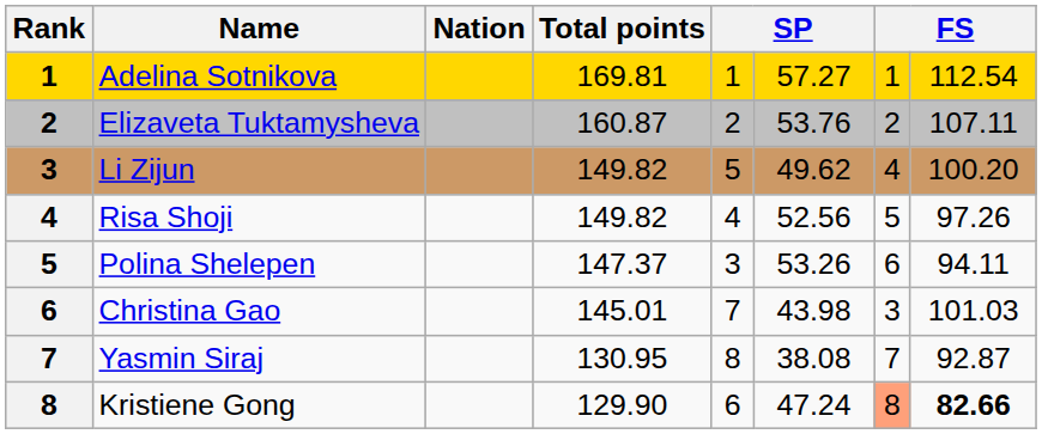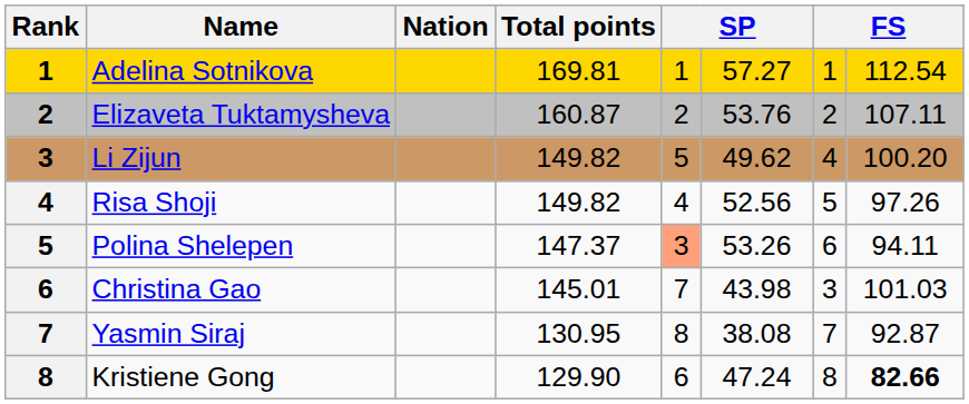 <table class="wikitable sortable">
 <tr>
 <th>Rank</th>
 <th>Name</th>
 <th>Nation</th>
 <th>Total points</th>
 <th colspan="2" width="80px"><a href='#'>SP</a></th>
 <th colspan="2" width="80px"><a href='#'>FS</a></th>
 </tr>
 <tr bgcolor="gold">
 <td align="center"><strong>1</strong></td>
 <td><a href='#'>Adelina Sotnikova</a></td>
 <td></td>
 <td align="center">169.81</td>
 <td align="center">1</td>
 <td align="center">57.27</td>
 <td align="center">1</td>
 <td align="center">112.54</td>
 </tr>
 <tr bgcolor="silver">
 <td align="center"><strong>2</strong></td>
 <td><a href='#'>Elizaveta Tuktamysheva</a></td>
 <td></td>
 <td align="center">160.87</td>
 <td align="center">2</td>
 <td align="center">53.76</td>
 <td align="center">2</td>
 <td align="center">107.11</td>
 </tr>
 <tr bgcolor="cc9966">
 <td align="center"><strong>3</strong></td>
 <td><a href='#'>Li Zijun</a></td>
 <td></td>
 <td align="center">149.82</td>
 <td align="center">5</td>
 <td align="center">49.62</td>
 <td align="center">4</td>
 <td align="center">100.20</td>
 </tr>
 <tr>
 <th>4</th>
 <td><a href='#'>Risa Shoji</a></td>
 <td></td>
 <td align="center">149.82</td>
 <td align="center">4</td>
 <td align="center">52.56</td>
 <td align="center">5</td>
 <td align="center">97.26</td>
 </tr>
 <tr>
 <th>5</th>
 <td><a href='#'>Polina Shelepen</a></td>
 <td></td>
 <td align="center">147.37</td>
-<td align="center">3</td>
+<td align="center" style="background: lightsalmon;">3</td>
 <td align="center">53.26</td>
 <td align="center">6</td>
 <td align="center">94.11</td>
 </tr>
 <tr>
 <th>6</th>
 <td><a href='#'>Christina Gao</a></td>
 <td></td>
 <td align="center">145.01</td>
 <td align="center">7</td>
 <td align="center">43.98</td>
 <td align="center">3</td>
 <td align="center">101.03</td>
 </tr>
 <tr>
 <th>7</th>
 <td><a href='#'>Yasmin Siraj</a></td>
 <td></td>
 <td align="center">130.95</td>
 <td align="center">8</td>
 <td align="center">38.08</td>
 <td align="center">7</td>
 <td align="center">92.87</td>
 </tr>
 <tr>
 <th>8</th>
 <td>Kristiene Gong</td>
 <td></td>
 <td align="center">129.90</td>
 <td align="center">6</td>
 <td align="center">47.24</td>
-<td align="center" style="background: lightsalmon;">8</td>
+<td align="center">8</td>
 <td align="center"><strong>82.66</strong></td>
 </tr>
 </table>
